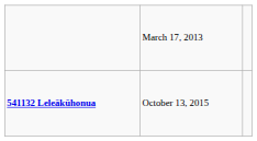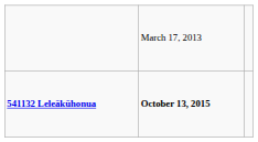 <table class="wikitable" style="font-size: 89%; float: left; width: 26em; margin-right: 1em; height: 197px">
 <tr>
 <td></td>
 <td>March 17, 2013</td>
 <td> </td>
 </tr>
 <tr>
 <td><strong><a href='#'>541132 Leleākūhonua</a></strong></td>
-<td>October 13, 2015</td>
+<td><strong>October 13, 2015</strong></td>
 <td> </td>
 </tr>
 </table>
